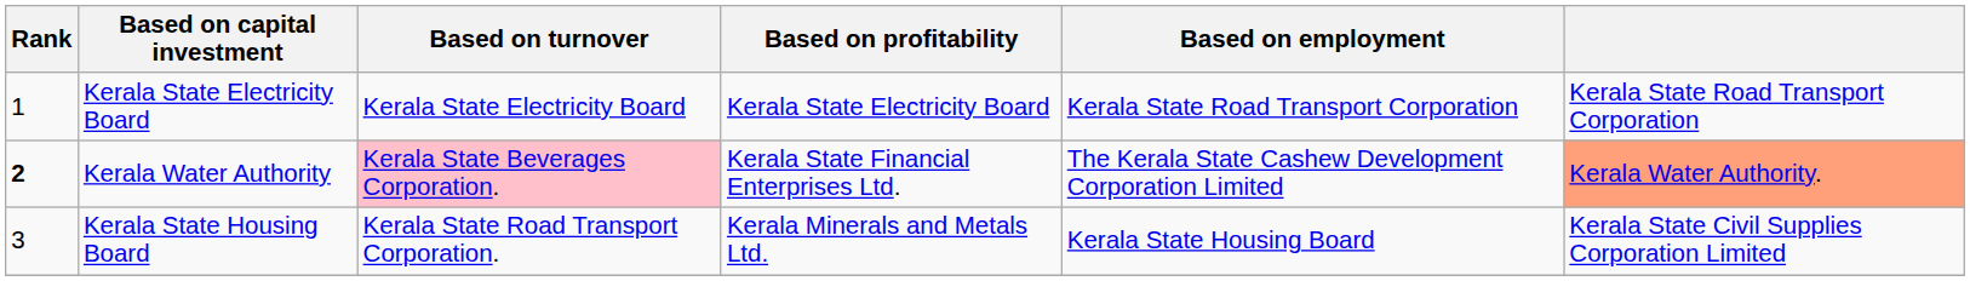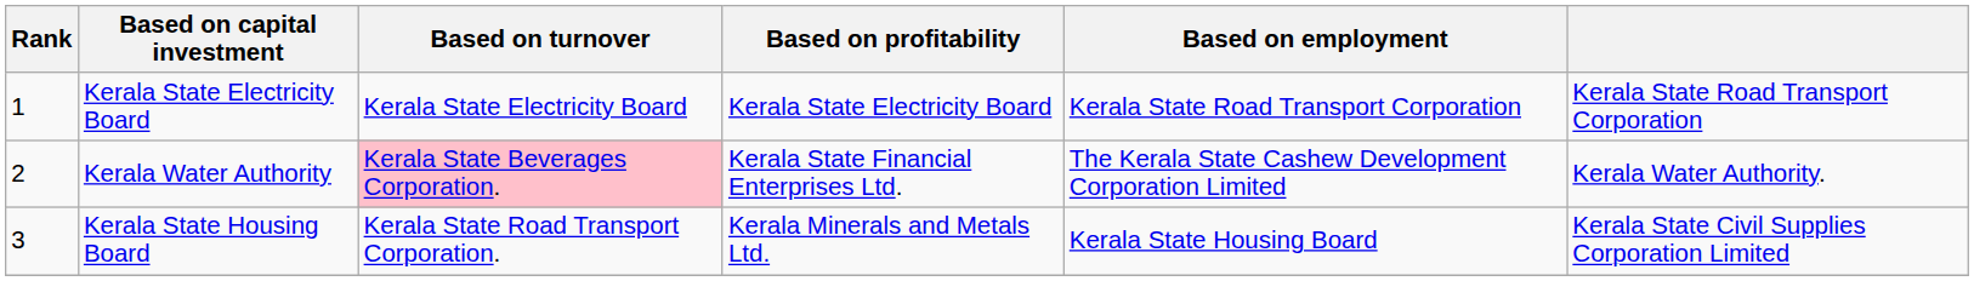 <table class="wikitable" style="margin: 1em auto 1em auto;">
 <tr>
 <th>Rank</th>
 <th>Based on capital investment</th>
 <th>Based on turnover</th>
 <th>Based on profitability</th>
 <th>Based on employment</th>
 <th></th>
 </tr>
 <tr>
 <td>1</td>
 <td><a href='#'>Kerala State Electricity Board</a></td>
 <td><a href='#'>Kerala State Electricity Board</a></td>
 <td><a href='#'>Kerala State Electricity Board</a></td>
 <td><a href='#'>Kerala State Road Transport Corporation</a></td>
 <td><a href='#'>Kerala State Road Transport Corporation</a></td>
 </tr>
 <tr>
-<td><strong>2</strong></td>
+<td>2</td>
 <td><a href='#'>Kerala Water Authority</a></td>
 <td style="background: pink;"><a href='#'>Kerala State Beverages Corporation</a>.</td>
 <td><a href='#'>Kerala State Financial Enterprises Ltd</a>.</td>
 <td><a href='#'>The Kerala State Cashew Development Corporation Limited</a></td>
-<td style="background: lightsalmon;"><a href='#'>Kerala Water Authority</a>.</td>
+<td><a href='#'>Kerala Water Authority</a>.</td>
 </tr>
 <tr>
 <td>3</td>
 <td><a href='#'>Kerala State Housing Board</a></td>
 <td><a href='#'>Kerala State Road Transport Corporation</a>.</td>
 <td><a href='#'>Kerala Minerals and Metals Ltd.</a></td>
 <td><a href='#'>Kerala State Housing Board</a></td>
 <td><a href='#'>Kerala State Civil Supplies Corporation Limited</a></td>
 </tr>
 <tr>
 </tr>
 </table>
